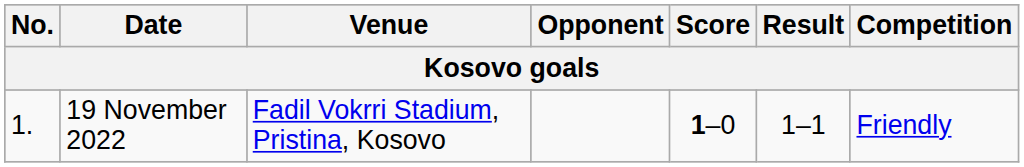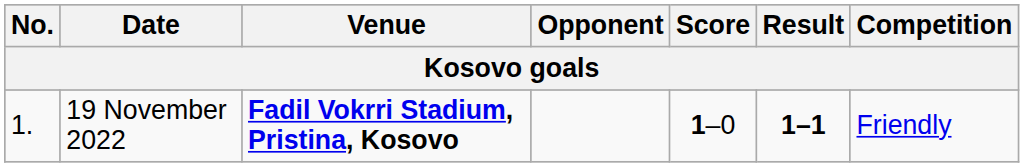 <table class="wikitable">
 <tr>
 <th>No.</th>
 <th>Date</th>
 <th>Venue</th>
 <th>Opponent</th>
 <th>Score</th>
 <th>Result</th>
 <th>Competition</th>
 </tr>
 <tr>
 <th colspan="7">Kosovo goals</th>
 </tr>
 <tr>
 <td>1.</td>
 <td>19 November 2022</td>
-<td><a href='#'>Fadil Vokrri Stadium</a>, <a href='#'>Pristina</a>, Kosovo</td>
+<td><strong><a href='#'>Fadil Vokrri Stadium</a>, <a href='#'>Pristina</a>, Kosovo</strong></td>
 <td></td>
 <td align="center"><strong>1</strong>–0</td>
-<td align="center">1–1</td>
+<td align="center"><strong>1–1</strong></td>
 <td><a href='#'>Friendly</a></td>
 </tr>
 </table>
